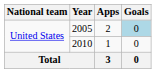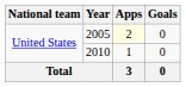 <table class="wikitable" style="text-align:center">
 <tr>
 <th>National team</th>
 <th>Year</th>
 <th>Apps</th>
 <th>Goals</th>
 </tr>
 <tr>
 <td rowspan="2"><a href='#'>United States</a></td>
 <td>2005</td>
-<td>2</td>
-<td style="background: lightblue;">0</td>
+<td style="background: lightyellow;">2</td>
+<td>0</td>
 </tr>
 <tr>
 <td>2010</td>
 <td>1</td>
 <td>0</td>
 </tr>
 <tr>
 <th colspan="2">Total</th>
 <th>3</th>
 <th>0</th>
 </tr>
 </table>
